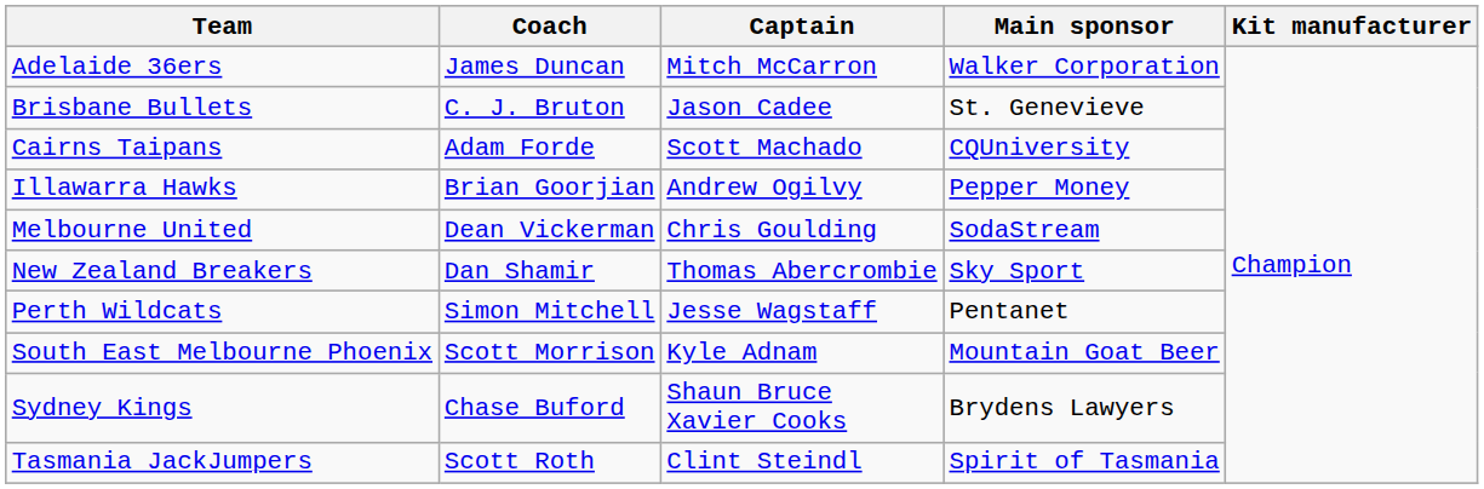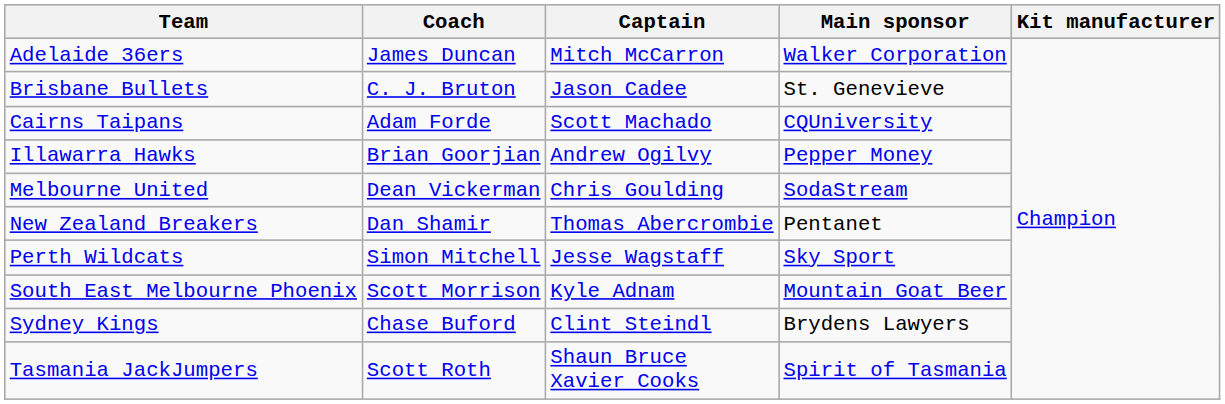 <table class="wikitable sortable">
 <tr>
 <th>Team</th>
 <th>Coach</th>
 <th>Captain</th>
 <th>Main sponsor</th>
 <th>Kit manufacturer</th>
 </tr>
 <tr>
 <td><a href='#'>Adelaide 36ers</a></td>
 <td> <a href='#'>James Duncan</a></td>
 <td> <a href='#'>Mitch McCarron</a></td>
 <td><a href='#'>Walker Corporation</a></td>
 <td rowspan="10"><a href='#'>Champion</a></td>
 </tr>
 <tr>
 <td><a href='#'>Brisbane Bullets</a></td>
 <td> <a href='#'>C. J. Bruton</a></td>
 <td> <a href='#'>Jason Cadee</a></td>
 <td>St. Genevieve</td>
 </tr>
 <tr>
 <td><a href='#'>Cairns Taipans</a></td>
 <td> <a href='#'>Adam Forde</a></td>
 <td> <a href='#'>Scott Machado</a></td>
 <td><a href='#'>CQUniversity</a></td>
 </tr>
 <tr>
 <td><a href='#'>Illawarra Hawks</a></td>
 <td> <a href='#'>Brian Goorjian</a></td>
 <td> <a href='#'>Andrew Ogilvy</a></td>
 <td><a href='#'>Pepper Money</a></td>
 </tr>
 <tr>
 <td><a href='#'>Melbourne United</a></td>
 <td> <a href='#'>Dean Vickerman</a></td>
 <td> <a href='#'>Chris Goulding</a></td>
 <td><a href='#'>SodaStream</a></td>
 </tr>
 <tr>
 <td><a href='#'>New Zealand Breakers</a></td>
 <td> <a href='#'>Dan Shamir</a></td>
 <td> <a href='#'>Thomas Abercrombie</a></td>
-<td><a href='#'>Sky Sport</a></td>
+<td>Pentanet</td>
 </tr>
 <tr>
 <td><a href='#'>Perth Wildcats</a></td>
 <td> <a href='#'>Simon Mitchell</a></td>
 <td> <a href='#'>Jesse Wagstaff</a></td>
-<td>Pentanet</td>
+<td><a href='#'>Sky Sport</a></td>
 </tr>
 <tr>
 <td><a href='#'>South East Melbourne Phoenix</a></td>
 <td> <a href='#'>Scott Morrison</a></td>
 <td> <a href='#'>Kyle Adnam</a></td>
 <td><a href='#'>Mountain Goat Beer</a></td>
 </tr>
 <tr>
 <td><a href='#'>Sydney Kings</a></td>
 <td> <a href='#'>Chase Buford</a></td>
-<td> <a href='#'>Shaun Bruce</a><br> <a href='#'>Xavier Cooks</a></td>
+<td> <a href='#'>Clint Steindl</a></td>
 <td>Brydens Lawyers</td>
 </tr>
 <tr>
 <td><a href='#'>Tasmania JackJumpers</a></td>
 <td> <a href='#'>Scott Roth</a></td>
-<td> <a href='#'>Clint Steindl</a></td>
+<td> <a href='#'>Shaun Bruce</a><br> <a href='#'>Xavier Cooks</a></td>
 <td><a href='#'>Spirit of Tasmania</a></td>
 </tr>
 </table>
